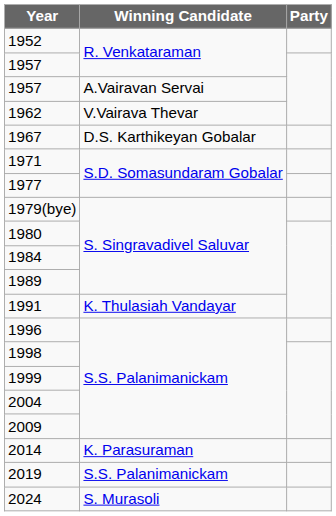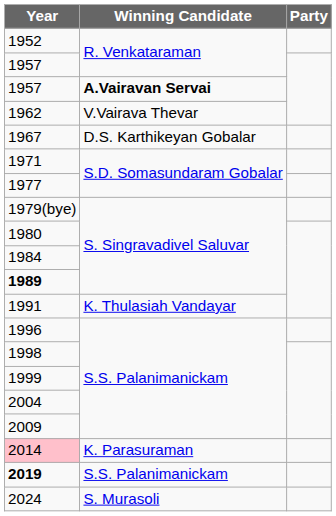 <table class="wikitable sortable">
 <tr>
 <th style="background-color:#666666; color:white">Year</th>
 <th style="background-color:#666666; color:white">Winning Candidate</th>
 <th style="background-color:#666666; color:white" colspan=2>Party</th>
 </tr>
 <tr --->
 <td>1952</td>
 <td rowspan=2><a href='#'>R. Venkataraman</a></td>
 <td></td>
 </tr>
 <tr --->
 <td>1957</td>
 </tr>
 <tr --->
 <td>1957</td>
-<td>A.Vairavan Servai</td>
+<td><strong>A.Vairavan Servai</strong></td>
 </tr>
 <tr --->
 <td>1962</td>
 <td>V.Vairava Thevar</td>
 </tr>
 <tr --->
 <td>1967</td>
 <td>D.S. Karthikeyan Gobalar</td>
 <td></td>
 </tr>
 <tr --->
 <td>1971</td>
 <td rowspan=2><a href='#'>S.D. Somasundaram Gobalar</a></td>
 </tr>
 <tr --->
 <td>1977</td>
 <td></td>
 </tr>
 <tr --->
 <td>1979(bye)</td>
 <td rowspan=4><a href='#'>S. Singravadivel Saluvar</a></td>
 <td></td>
 </tr>
 <tr --->
 <td>1980</td>
 </tr>
 <tr --->
 <td>1984</td>
 </tr>
 <tr --->
-<td>1989</td>
+<td><strong>1989</strong></td>
 </tr>
 <tr --->
 <td>1991</td>
 <td><a href='#'>K. Thulasiah Vandayar</a></td>
 </tr>
 <tr --->
 <td>1996</td>
 <td rowspan=5><a href='#'>S.S. Palanimanickam</a></td>
 <td></td>
 </tr>
 <tr --->
 <td>1998</td>
 </tr>
 <tr --->
 <td>1999</td>
 </tr>
 <tr --->
 <td>2004</td>
 </tr>
 <tr --->
 <td>2009</td>
 </tr>
 <tr>
-<td>2014</td>
+<td style="background: pink;">2014</td>
 <td><a href='#'>K. Parasuraman</a></td>
 <td></td>
 </tr>
 <tr>
-<td>2019</td>
+<td><strong>2019</strong></td>
 <td><a href='#'>S.S. Palanimanickam</a></td>
 <td></td>
 </tr>
 <tr>
 <td>2024</td>
 <td><a href='#'>S. Murasoli</a></td>
 <td></td>
 </tr>
 </table>
